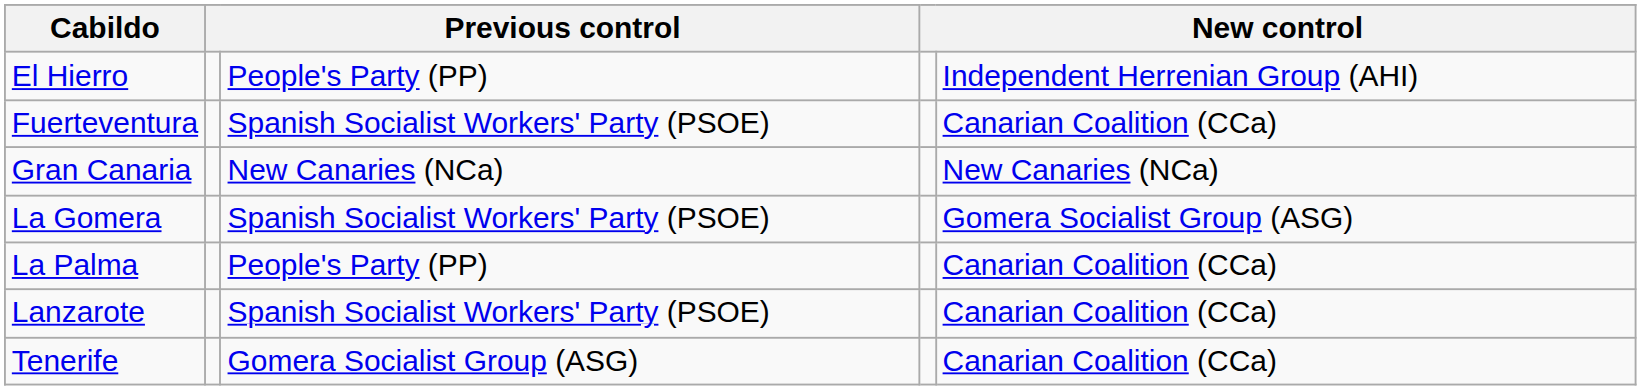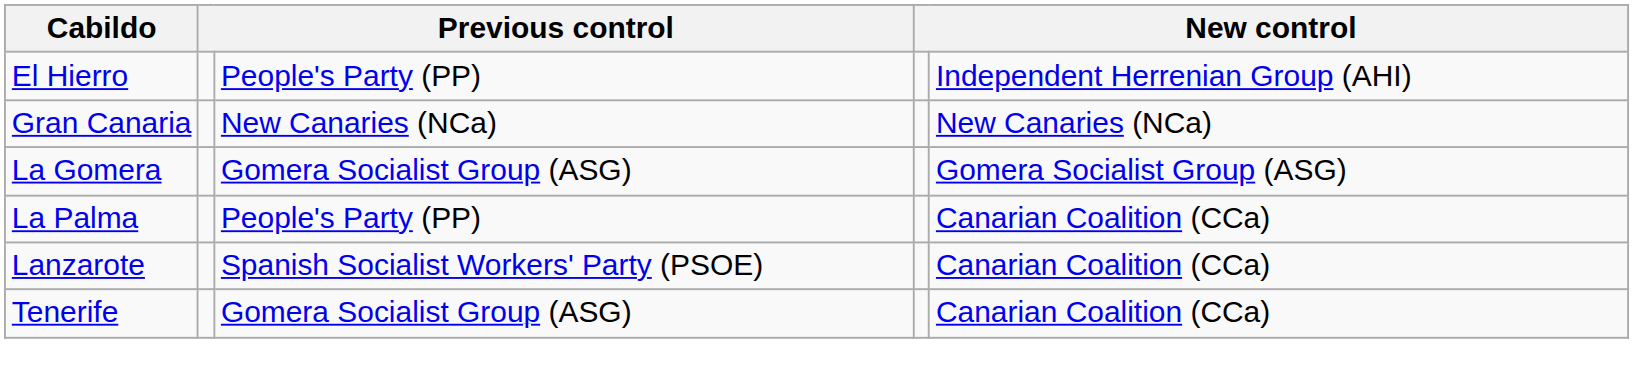 <table class="wikitable sortable">
 <tr>
 <th>Cabildo</th>
 <th colspan="2" style="width:375px;">Previous control</th>
 <th colspan="2" style="width:375px;">New control</th>
 </tr>
 <tr>
 <td><a href='#'>El Hierro</a></td>
 <td width="1" style="color:inherit;background:"></td>
 <td><a href='#'>People's Party</a> (PP)</td>
 <td width="1" style="color:inherit;background:"></td>
 <td><a href='#'>Independent Herrenian Group</a> (AHI) </td>
 </tr>
 <tr>
-<td><a href='#'>Fuerteventura</a></td>
-<td style="color:inherit;background:"></td>
-<td><a href='#'>Spanish Socialist Workers' Party</a> (PSOE)</td>
-<td style="color:inherit;background:"></td>
-<td><a href='#'>Canarian Coalition</a> (CCa)</td>
-</tr>
-<tr>
 <td><a href='#'>Gran Canaria</a></td>
 <td style="color:inherit;background:"></td>
 <td><a href='#'>New Canaries</a> (NCa)</td>
 <td style="color:inherit;background:"></td>
 <td><a href='#'>New Canaries</a> (NCa)</td>
 </tr>
 <tr>
 <td><a href='#'>La Gomera</a></td>
 <td style="color:inherit;background:"></td>
-<td><a href='#'>Spanish Socialist Workers' Party</a> (PSOE)</td>
+<td><a href='#'>Gomera Socialist Group</a> (ASG)</td>
 <td style="color:inherit;background:"></td>
 <td><a href='#'>Gomera Socialist Group</a> (ASG)</td>
 </tr>
 <tr>
 <td><a href='#'>La Palma</a></td>
 <td style="color:inherit;background:"></td>
 <td><a href='#'>People's Party</a> (PP)</td>
 <td style="color:inherit;background:"></td>
 <td><a href='#'>Canarian Coalition</a> (CCa)</td>
 </tr>
 <tr>
 <td><a href='#'>Lanzarote</a></td>
 <td style="color:inherit;background:"></td>
 <td><a href='#'>Spanish Socialist Workers' Party</a> (PSOE)</td>
 <td style="color:inherit;background:"></td>
 <td><a href='#'>Canarian Coalition</a> (CCa)</td>
 </tr>
 <tr>
 <td><a href='#'>Tenerife</a></td>
 <td style="color:inherit;background:"></td>
 <td><a href='#'>Gomera Socialist Group</a> (ASG)</td>
 <td style="color:inherit;background:"></td>
 <td><a href='#'>Canarian Coalition</a> (CCa)</td>
 </tr>
 </table>
